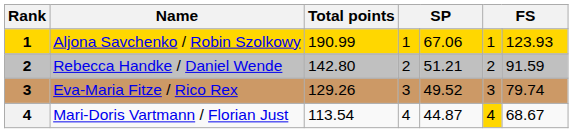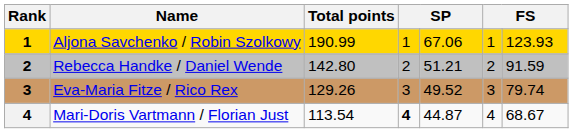 <table class="wikitable">
 <tr>
 <th>Rank</th>
 <th>Name</th>
 <th>Total points</th>
 <th colspan="2" width="80px">SP</th>
 <th colspan="2" width="80px">FS</th>
 </tr>
 <tr bgcolor="gold">
 <td align="center"><strong>1</strong></td>
 <td><a href='#'>Aljona Savchenko</a> / <a href='#'>Robin Szolkowy</a></td>
 <td>190.99</td>
 <td>1</td>
 <td>67.06</td>
 <td>1</td>
 <td>123.93</td>
 </tr>
 <tr bgcolor="silver">
 <td align="center"><strong>2</strong></td>
 <td><a href='#'>Rebecca Handke</a> / <a href='#'>Daniel Wende</a></td>
 <td>142.80</td>
 <td>2</td>
 <td>51.21</td>
 <td>2</td>
 <td>91.59</td>
 </tr>
 <tr bgcolor="cc9966">
 <td align="center"><strong>3</strong></td>
 <td><a href='#'>Eva-Maria Fitze</a> / <a href='#'>Rico Rex</a></td>
 <td>129.26</td>
 <td>3</td>
 <td>49.52</td>
 <td>3</td>
 <td>79.74</td>
 </tr>
 <tr>
 <th>4</th>
 <td><a href='#'>Mari-Doris Vartmann</a> / <a href='#'>Florian Just</a></td>
 <td>113.54</td>
+<td><strong>4</strong></td>
+<td>44.87</td>
 <td>4</td>
-<td>44.87</td>
-<td style="background: gold;">4</td>
 <td>68.67</td>
 </tr>
 </table>
